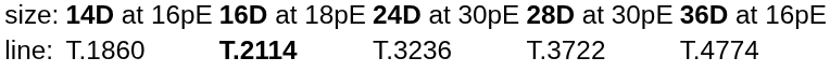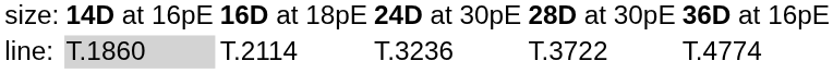 <table style="margin-left:40px;">
 <tr>
 <td>size:</td>
 <td><strong>14D</strong> at 16pE</td>
 <td><strong>16D</strong> at 18pE</td>
 <td><strong>24D</strong> at 30pE</td>
 <td><strong>28D</strong> at 30pE</td>
 <td><strong>36D</strong> at 16pE</td>
 </tr>
 <tr>
 <td>line:</td>
-<td>T.1860</td>
-<td><strong>T.2114</strong></td>
+<td style="background: lightgrey;">T.1860</td>
+<td>T.2114</td>
 <td>T.3236</td>
 <td>T.3722</td>
 <td>T.4774</td>
 </tr>
 </table>
